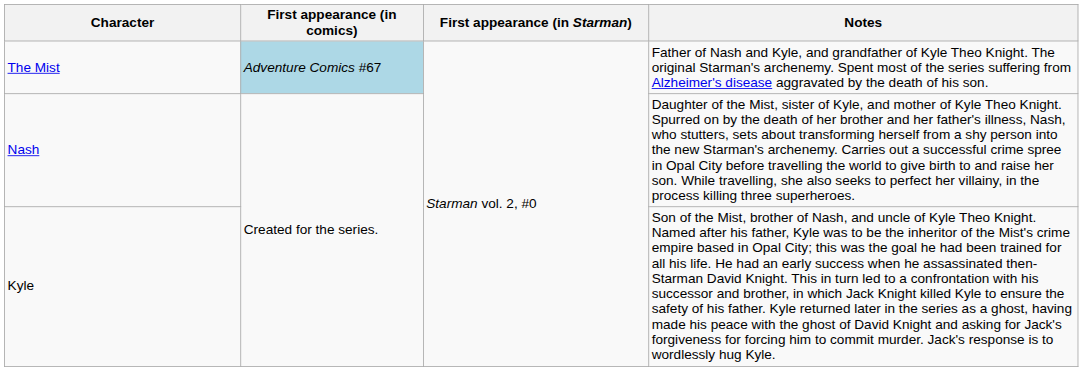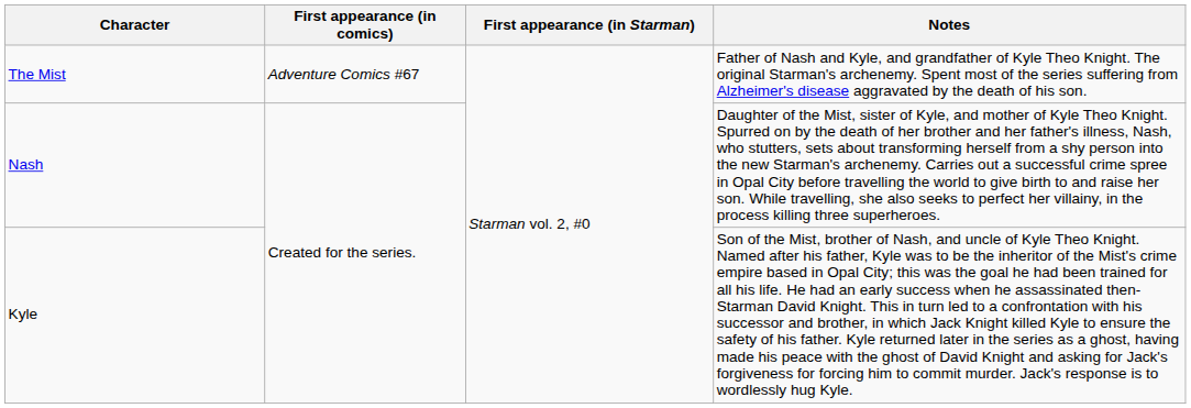 <table class="wikitable" width=100%>
 <tr>
 <th width=22%>Character</th>
 <th width=17%>First appearance (in comics)</th>
 <th width=21%>First appearance (in <em>Starman</em>)</th>
 <th width=40%>Notes</th>
 </tr>
 <tr>
 <td><a href='#'>The Mist</a></td>
-<td style="background: lightblue;"><em>Adventure Comics</em> #67</td>
+<td><em>Adventure Comics</em> #67</td>
 <td rowspan=3><em>Starman</em> vol. 2, #0</td>
 <td>Father of Nash and Kyle, and grandfather of Kyle Theo Knight. The original Starman's archenemy. Spent most of the series suffering from <a href='#'>Alzheimer's disease</a> aggravated by the death of his son.</td>
 </tr>
 <tr>
 <td><a href='#'>Nash</a></td>
 <td rowspan=2>Created for the series.</td>
 <td>Daughter of the Mist, sister of Kyle, and mother of Kyle Theo Knight. Spurred on by the death of her brother and her father's illness, Nash, who stutters, sets about transforming herself from a shy person into the new Starman's archenemy. Carries out a successful crime spree in Opal City before travelling the world to give birth to and raise her son. While travelling, she also seeks to perfect her villainy, in the process killing three superheroes.</td>
 </tr>
 <tr>
 <td>Kyle</td>
 <td>Son of the Mist, brother of Nash, and uncle of Kyle Theo Knight. Named after his father, Kyle was to be the inheritor of the Mist's crime empire based in Opal City; this was the goal he had been trained for all his life. He had an early success when he assassinated then-Starman David Knight. This in turn led to a confrontation with his successor and brother, in which Jack Knight killed Kyle to ensure the safety of his father. Kyle returned later in the series as a ghost, having made his peace with the ghost of David Knight and asking for Jack's forgiveness for forcing him to commit murder. Jack's response is to wordlessly hug Kyle.</td>
 </tr>
 </table>
